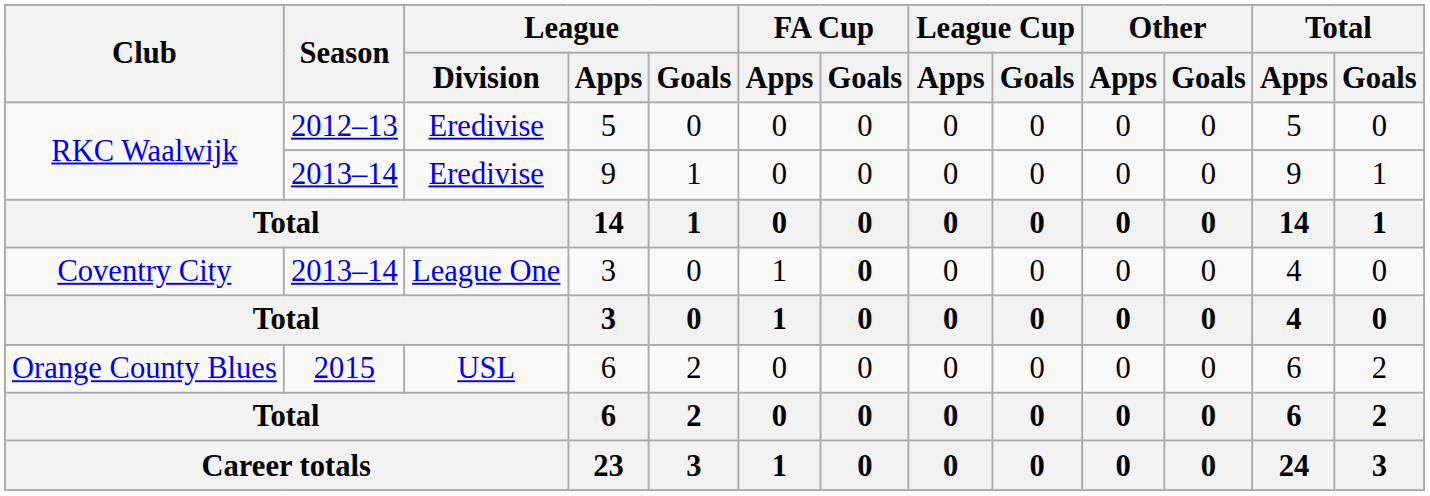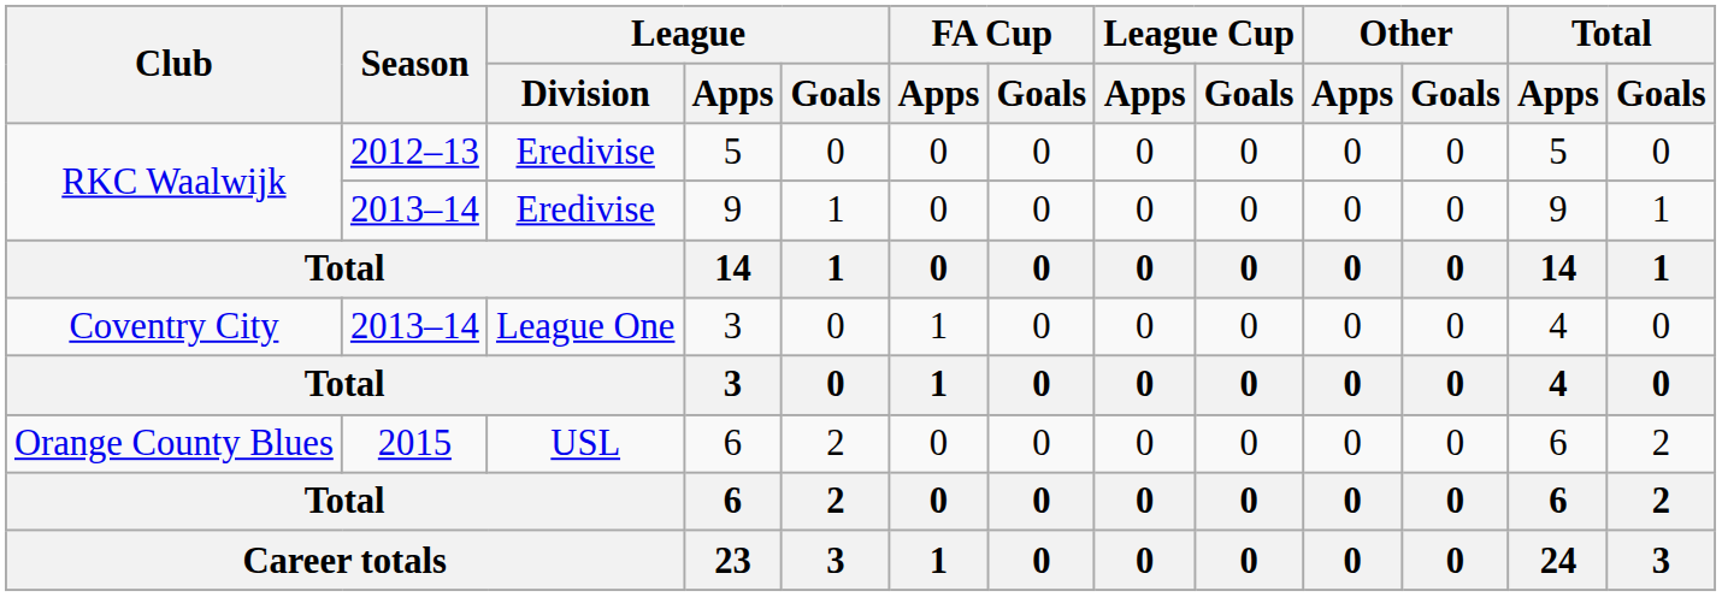 <table class="wikitable" style="text-align: center;">
 <tr>
 <th rowspan="2">Club</th>
 <th rowspan="2">Season</th>
 <th colspan="3">League</th>
 <th colspan="2">FA Cup</th>
 <th colspan="2">League Cup</th>
 <th colspan="2">Other</th>
 <th colspan="2">Total</th>
 </tr>
 <tr>
 <th>Division</th>
 <th>Apps</th>
 <th>Goals</th>
 <th>Apps</th>
 <th>Goals</th>
 <th>Apps</th>
 <th>Goals</th>
 <th>Apps</th>
 <th>Goals</th>
 <th>Apps</th>
 <th>Goals</th>
 </tr>
 <tr>
 <td rowspan="2" valign="center"><a href='#'>RKC Waalwijk</a></td>
 <td><a href='#'>2012–13</a></td>
 <td><a href='#'>Eredivise</a></td>
 <td>5</td>
 <td>0</td>
 <td>0</td>
 <td>0</td>
 <td>0</td>
 <td>0</td>
 <td>0</td>
 <td>0</td>
 <td>5</td>
 <td>0</td>
 </tr>
 <tr>
 <td><a href='#'>2013–14</a></td>
 <td><a href='#'>Eredivise</a></td>
 <td>9</td>
 <td>1</td>
 <td>0</td>
 <td>0</td>
 <td>0</td>
 <td>0</td>
 <td>0</td>
 <td>0</td>
 <td>9</td>
 <td>1</td>
 </tr>
 <tr>
 <th colspan="3">Total</th>
 <th>14</th>
 <th>1</th>
 <th>0</th>
 <th>0</th>
 <th>0</th>
 <th>0</th>
 <th>0</th>
 <th>0</th>
 <th>14</th>
 <th>1</th>
 </tr>
 <tr>
 <td rowspan="1" valign="center"><a href='#'>Coventry City</a></td>
 <td><a href='#'>2013–14</a></td>
 <td><a href='#'>League One</a></td>
 <td>3</td>
 <td>0</td>
 <td>1</td>
-<td><strong>0</strong></td>
+<td>0</td>
 <td>0</td>
 <td>0</td>
 <td>0</td>
 <td>0</td>
 <td>4</td>
 <td>0</td>
 </tr>
 <tr>
 <th colspan="3">Total</th>
 <th>3</th>
 <th>0</th>
 <th>1</th>
 <th>0</th>
 <th>0</th>
 <th>0</th>
 <th>0</th>
 <th>0</th>
 <th>4</th>
 <th>0</th>
 </tr>
 <tr>
 <td rowspan="1" valign="center"><a href='#'>Orange County Blues</a></td>
 <td><a href='#'>2015</a></td>
 <td><a href='#'>USL</a></td>
 <td>6</td>
 <td>2</td>
 <td>0</td>
 <td>0</td>
 <td>0</td>
 <td>0</td>
 <td>0</td>
 <td>0</td>
 <td>6</td>
 <td>2</td>
 </tr>
 <tr>
 <th colspan="3">Total</th>
 <th>6</th>
 <th>2</th>
 <th>0</th>
 <th>0</th>
 <th>0</th>
 <th>0</th>
 <th>0</th>
 <th>0</th>
 <th>6</th>
 <th>2</th>
 </tr>
 <tr>
 <th colspan="3">Career totals</th>
 <th>23</th>
 <th>3</th>
 <th>1</th>
 <th>0</th>
 <th>0</th>
 <th>0</th>
 <th>0</th>
 <th>0</th>
 <th>24</th>
 <th>3</th>
 </tr>
 </table>
